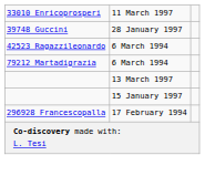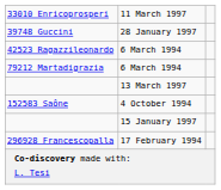 <table class="wikitable" style="font-size: 89%; float: left; width: 25em; margin-right: 1em; line-height: 1.65em !important;">
 <tr>
 <td><a href='#'>33010 Enricoprosperi</a></td>
 <td>11 March 1997</td>
 <td> </td>
 </tr>
 <tr>
 <td><a href='#'>39748 Guccini</a></td>
 <td>28 January 1997</td>
 <td> </td>
 </tr>
 <tr>
 <td><a href='#'>42523 Ragazzileonardo</a></td>
 <td>6 March 1994</td>
 <td> </td>
 </tr>
 <tr>
 <td><a href='#'>79212 Martadigrazia</a></td>
 <td>6 March 1994</td>
 <td> </td>
 </tr>
 <tr>
 <td></td>
 <td>13 March 1997</td>
 <td> </td>
 </tr>
 <tr>
+<td><a href='#'>152583 Saône</a></td>
+<td>4 October 1994</td>
+<td> </td>
+</tr>
+<tr>
 <td></td>
 <td>15 January 1997</td>
 <td> </td>
 </tr>
 <tr>
 <td><a href='#'>296928 Francescopalla</a></td>
 <td>17 February 1994</td>
 <td> </td>
 </tr>
 <tr>
 <th colspan=3 style="font-weight: normal; text-align: left; padding: 4px 12px;"><strong>Co-discovery</strong> made with:<br> <a href='#'>L. Tesi</a></th>
 </tr>
 </table>
